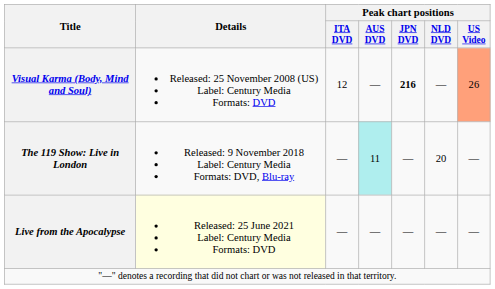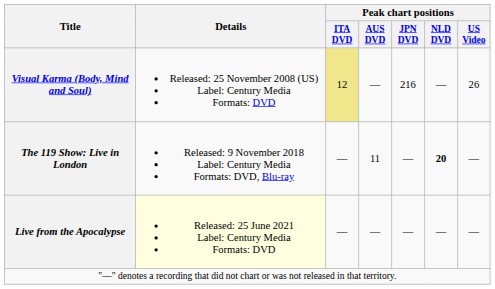 <table class="wikitable plainrowheaders" style="text-align:center;">
 <tr>
 <th scope="col" rowspan="2" style="width:12em;">Title</th>
 <th scope="col" rowspan="2" style="width:17.5em;">Details</th>
 <th scope="col" colspan="5">Peak chart positions</th>
 </tr>
 <tr>
 <th scope="col" style="width:3em;font-size:90%;"><a href='#'>ITA<br>DVD</a><br></th>
 <th scope="col" style="width:3em;font-size:90%;"><a href='#'>AUS<br>DVD</a><br></th>
 <th scope="col" style="width:3em;font-size:90%;"><a href='#'>JPN<br>DVD</a><br></th>
 <th scope="col" style="width:3em;font-size:90%;"><a href='#'>NLD<br>DVD</a><br></th>
 <th scope="col" style="width:3em;font-size:90%;"><a href='#'>US<br>Video</a><br></th>
 </tr>
 <tr>
 <th scope="row"><em><a href='#'>Visual Karma (Body, Mind and Soul)</a></em></th>
 <td><br><ul><li>Released: 25 November 2008 <span>(US)</span></li><li>Label: Century Media</li><li>Formats: <a href='#'>DVD</a></li></ul></td>
-<td>12</td>
+<td style="background: khaki;">12</td>
 <td>—</td>
-<td><strong>216</strong></td>
+<td>216</td>
 <td>—</td>
-<td style="background: lightsalmon;">26</td>
+<td>26</td>
 </tr>
 <tr>
 <th scope="row"><em>The 119 Show: Live in London</em></th>
 <td><br><ul><li>Released: 9 November 2018</li><li>Label: Century Media</li><li>Formats: DVD, <a href='#'>Blu-ray</a></li></ul></td>
 <td>—</td>
-<td style="background: paleturquoise;">11</td>
+<td>11</td>
 <td>—</td>
-<td>20</td>
+<td><strong>20</strong></td>
 <td>—</td>
 </tr>
 <tr>
 <th scope="row"><em>Live from the Apocalypse</em></th>
 <td style="background: lightyellow;"><br><ul><li>Released: 25 June 2021</li><li>Label: Century Media</li><li>Formats: DVD</li></ul></td>
 <td>—</td>
 <td>—</td>
 <td>—</td>
 <td>—</td>
 <td>—</td>
 </tr>
 <tr>
 <td colspan="8" style="font-size:90%">"—" denotes a recording that did not chart or was not released in that territory.</td>
 </tr>
 </table>
